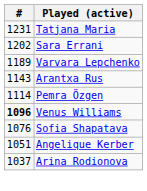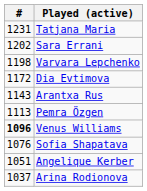 <table class=wikitable style=display:inline-table>
 <tr>
 <th>#</th>
 <th>Played (active)</th>
 </tr>
 <tr>
 <td>1231</td>
 <td> <a href='#'>Tatjana Maria</a></td>
 </tr>
 <tr>
 <td>1202</td>
 <td> <a href='#'>Sara Errani</a></td>
 </tr>
 <tr>
-<td>1189</td>
+<td>1198</td>
 <td> <a href='#'>Varvara Lepchenko</a></td>
+</tr>
+<tr>
+<td>1172</td>
+<td> <a href='#'>Dia Evtimova</a></td>
 </tr>
 <tr>
 <td>1143</td>
 <td> <a href='#'>Arantxa Rus</a></td>
 </tr>
 <tr>
-<td>1114</td>
+<td>1113</td>
 <td> <a href='#'>Pemra Özgen</a></td>
 </tr>
 <tr>
 <td><strong>1096</strong></td>
 <td> <a href='#'>Venus Williams</a></td>
 </tr>
 <tr>
 <td>1076</td>
 <td> <a href='#'>Sofia Shapatava</a></td>
 </tr>
 <tr>
 <td>1051</td>
 <td> <a href='#'>Angelique Kerber</a></td>
 </tr>
 <tr>
 <td>1037</td>
 <td> <a href='#'>Arina Rodionova</a></td>
 </tr>
 </table>
